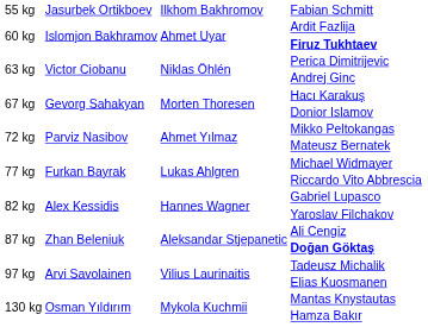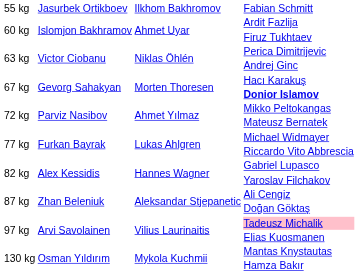 <table>
 <tr>
 <td rowspan=1>55 kg</td>
 <td rowspan=1> <a href='#'>Jasurbek Ortikboev</a></td>
 <td rowspan=1> <a href='#'>Ilkhom Bakhromov</a></td>
 <td> <a href='#'>Fabian Schmitt</a></td>
 </tr>
 <tr>
 <td rowspan=2>60 kg</td>
 <td rowspan=2> <a href='#'>Islomjon Bakhramov</a></td>
 <td rowspan=2> <a href='#'>Ahmet Uyar</a></td>
 <td> <a href='#'>Ardit Fazlija</a></td>
 </tr>
 <tr>
-<td><strong> <a href='#'>Firuz Tukhtaev</a></strong></td>
+<td> <a href='#'>Firuz Tukhtaev</a></td>
 </tr>
 <tr>
 <td rowspan=2>63 kg</td>
 <td rowspan=2> <a href='#'>Victor Ciobanu</a></td>
 <td rowspan=2> <a href='#'>Niklas Öhlén</a></td>
 <td> <a href='#'>Perica Dimitrijevic</a></td>
 </tr>
 <tr>
 <td> <a href='#'>Andrej Ginc</a></td>
 </tr>
 <tr>
 <td rowspan=2>67 kg</td>
 <td rowspan=2> <a href='#'>Gevorg Sahakyan</a></td>
 <td rowspan=2> <a href='#'>Morten Thoresen</a></td>
 <td> <a href='#'>Hacı Karakuş</a></td>
 </tr>
 <tr>
-<td> <a href='#'>Donior Islamov</a></td>
+<td><strong> <a href='#'>Donior Islamov</a></strong></td>
 </tr>
 <tr>
 <td rowspan=2>72 kg</td>
 <td rowspan=2> <a href='#'>Parviz Nasibov</a></td>
 <td rowspan=2> <a href='#'>Ahmet Yılmaz</a></td>
 <td> <a href='#'>Mikko Peltokangas</a></td>
 </tr>
 <tr>
 <td> <a href='#'>Mateusz Bernatek</a></td>
 </tr>
 <tr>
 <td rowspan=2>77 kg</td>
 <td rowspan=2> <a href='#'>Furkan Bayrak</a></td>
 <td rowspan=2> <a href='#'>Lukas Ahlgren</a></td>
 <td> <a href='#'>Michael Widmayer</a></td>
 </tr>
 <tr>
 <td> <a href='#'>Riccardo Vito Abbrescia</a></td>
 </tr>
 <tr>
 <td rowspan=2>82 kg</td>
 <td rowspan=2> <a href='#'>Alex Kessidis</a></td>
 <td rowspan=2> <a href='#'>Hannes Wagner</a></td>
 <td> <a href='#'>Gabriel Lupasco</a></td>
 </tr>
 <tr>
 <td> <a href='#'>Yaroslav Filchakov</a></td>
 </tr>
 <tr>
 <td rowspan=2>87 kg</td>
 <td rowspan=2> <a href='#'>Zhan Beleniuk</a></td>
 <td rowspan=2> <a href='#'>Aleksandar Stjepanetic</a></td>
 <td> <a href='#'>Ali Cengiz</a></td>
 </tr>
 <tr>
-<td><strong> <a href='#'>Doğan Göktaş</a></strong></td>
+<td> <a href='#'>Doğan Göktaş</a></td>
 </tr>
 <tr>
 <td rowspan=2>97 kg</td>
 <td rowspan=2> <a href='#'>Arvi Savolainen</a></td>
 <td rowspan=2> <a href='#'>Vilius Laurinaitis</a></td>
-<td> <a href='#'>Tadeusz Michalik</a></td>
+<td style="background: pink;"> <a href='#'>Tadeusz Michalik</a></td>
 </tr>
 <tr>
 <td> <a href='#'>Elias Kuosmanen</a></td>
 </tr>
 <tr>
 <td rowspan=2>130 kg</td>
 <td rowspan=2> <a href='#'>Osman Yıldırım</a></td>
 <td rowspan=2> <a href='#'>Mykola Kuchmii</a></td>
 <td> <a href='#'>Mantas Knystautas</a></td>
 </tr>
 <tr>
 <td> <a href='#'>Hamza Bakır</a></td>
 </tr>
 <tr>
 </tr>
 </table>
